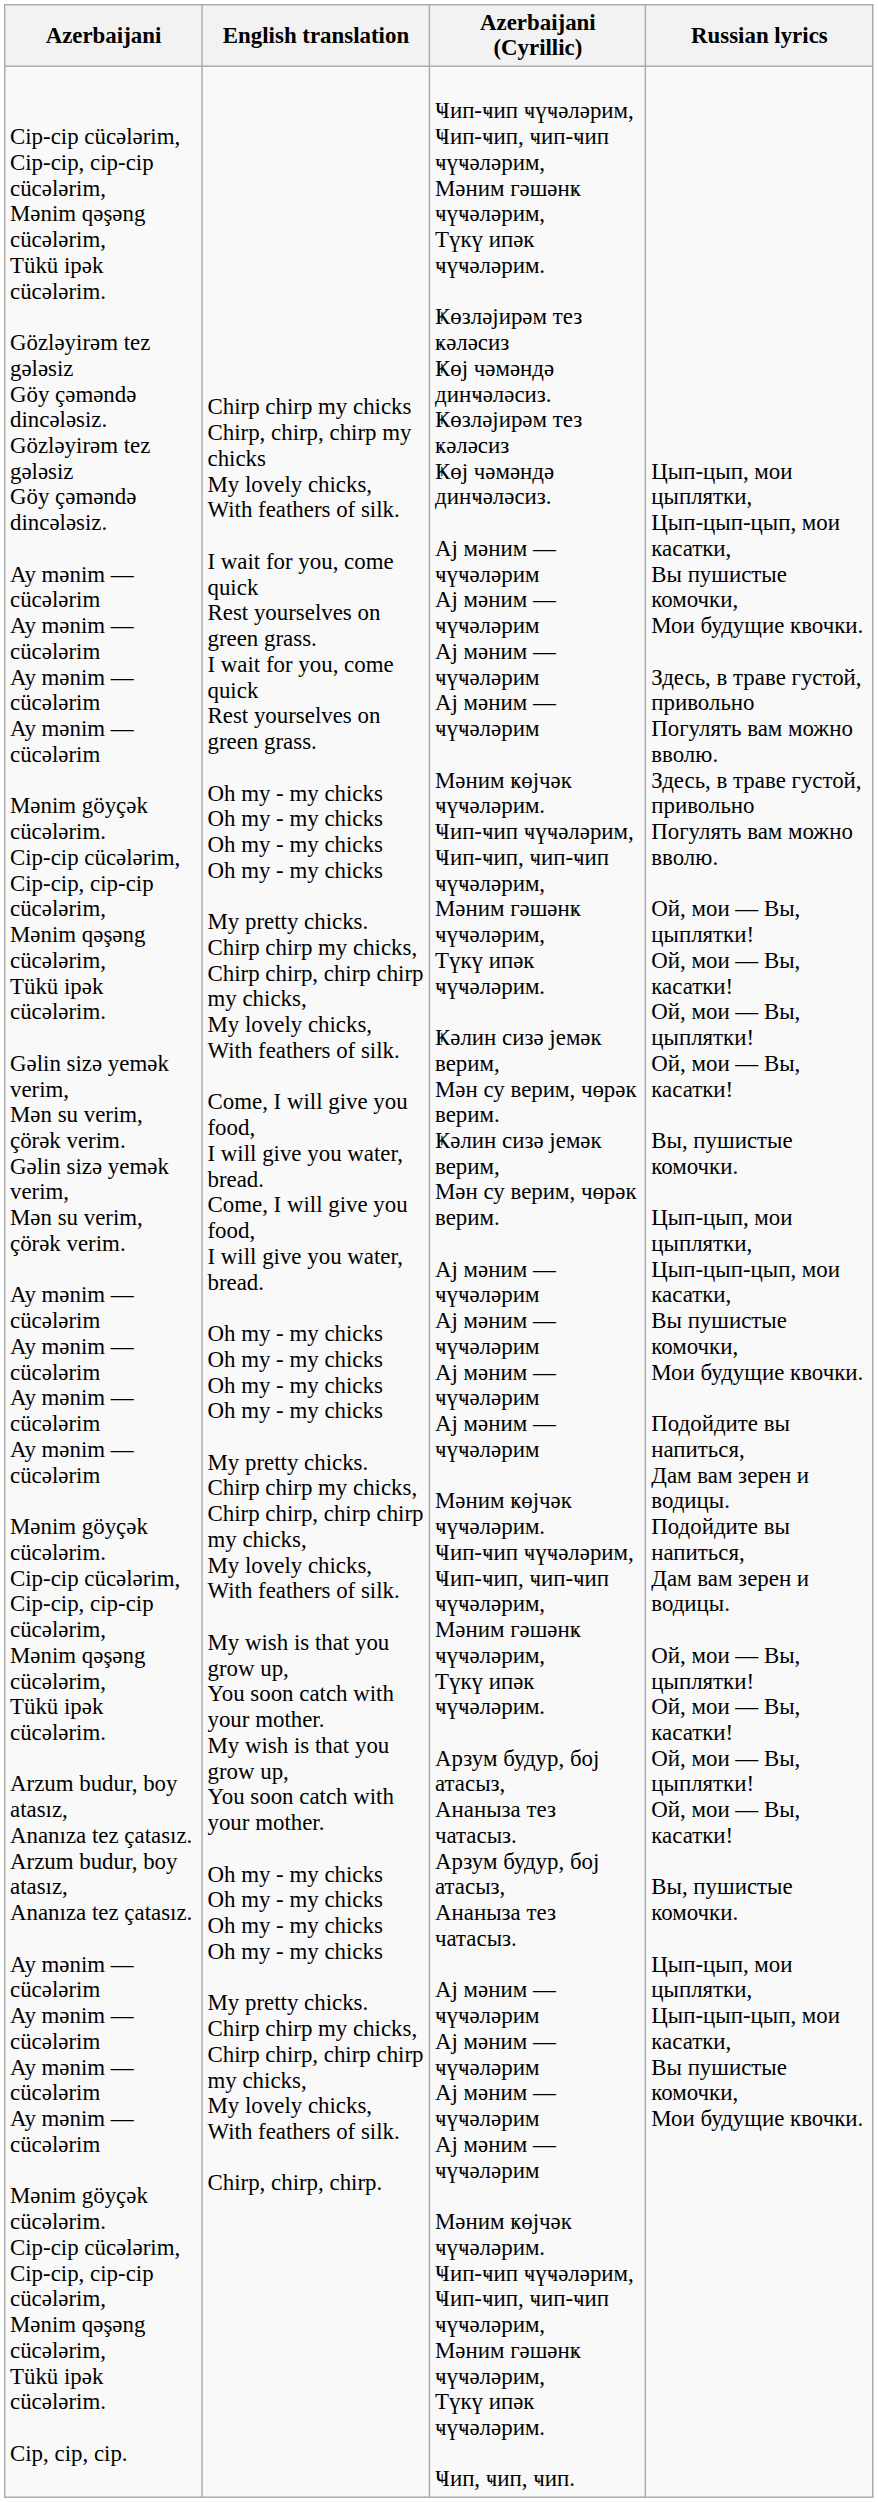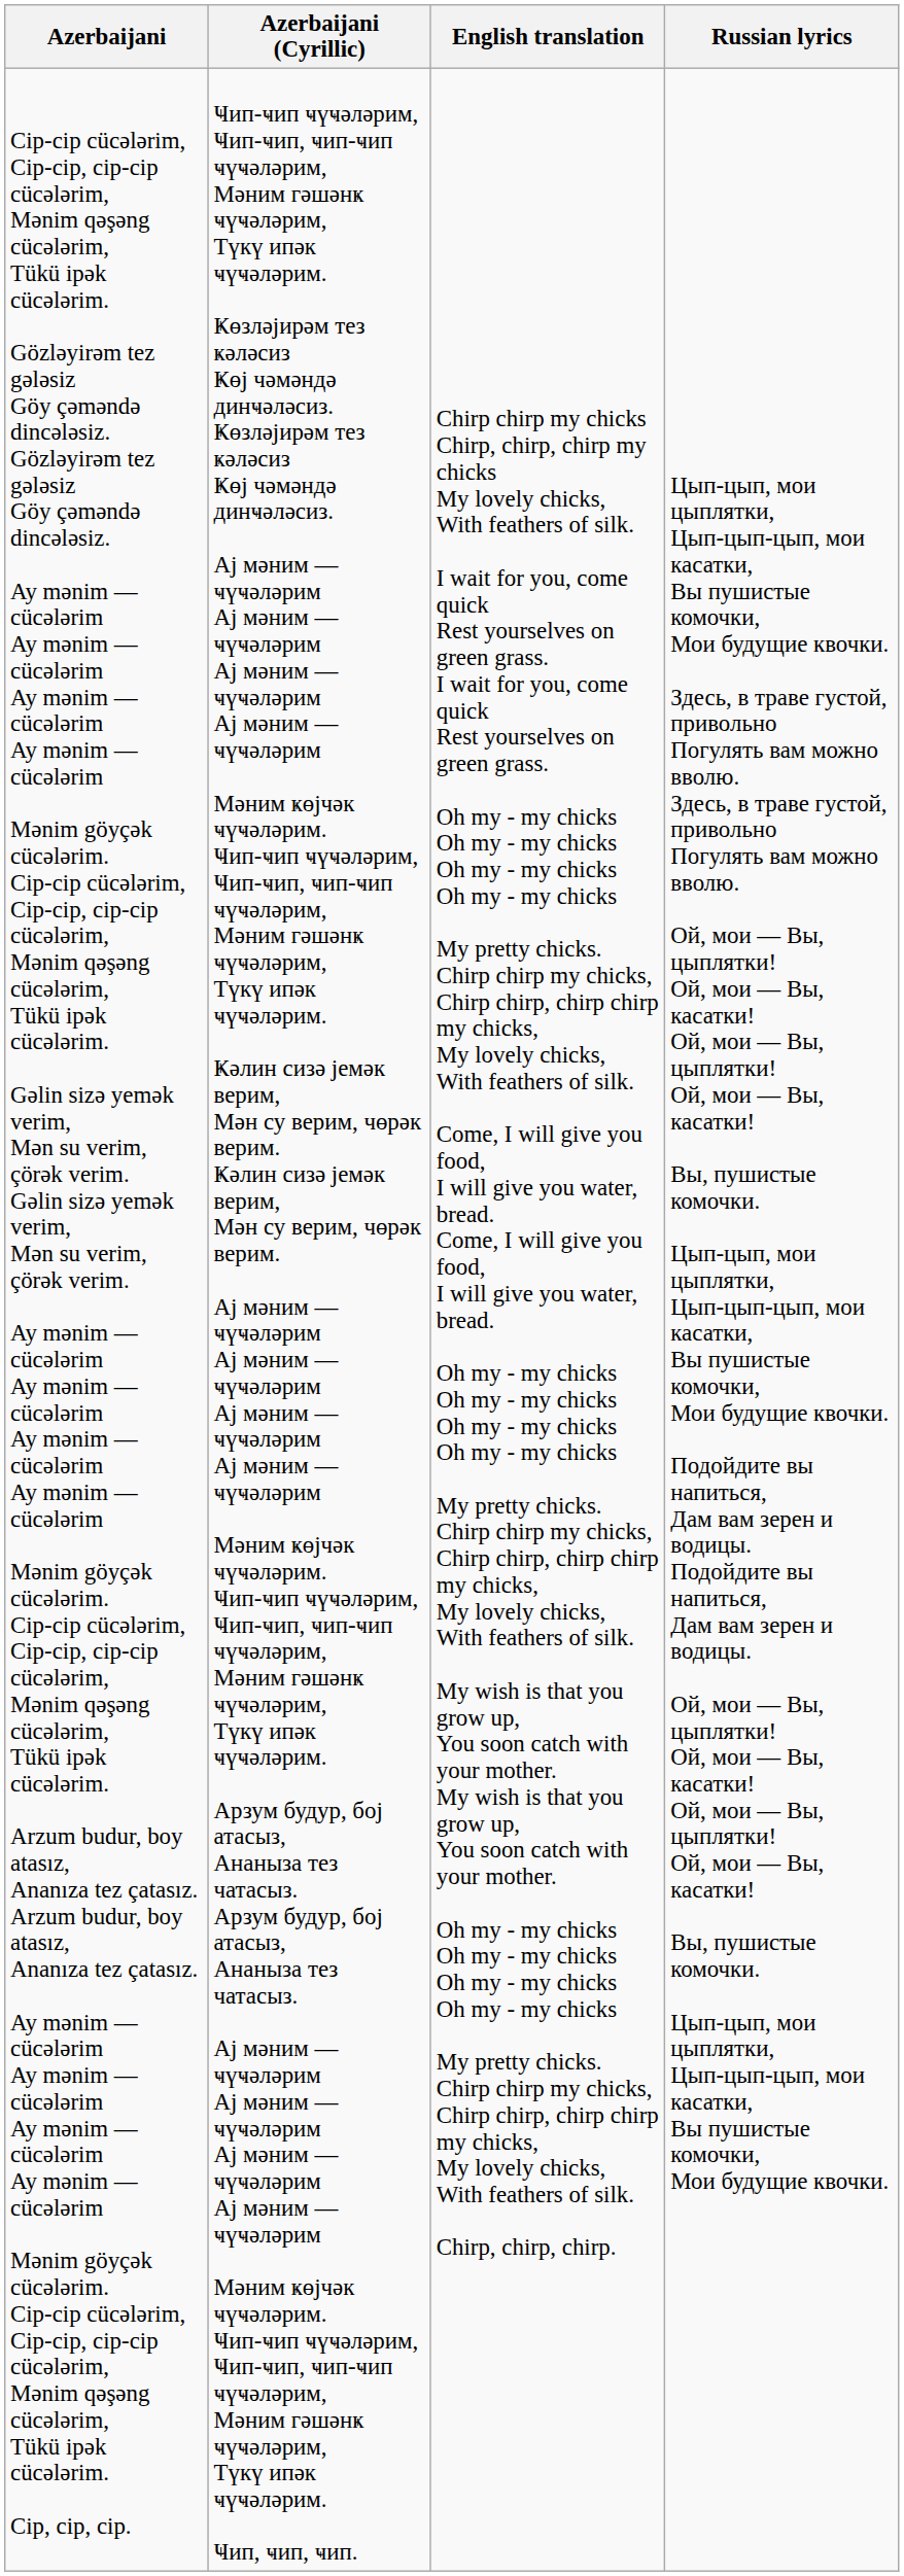 <table class="wikitable">
 <tr>
 <th>Azerbaijani</th>
+<th>Azerbaijani (Cyrillic)</th>
 <th>English translation</th>
-<th>Azerbaijani (Cyrillic)</th>
 <th>Russian lyrics</th>
 </tr>
 <tr>
 <td><br>Cip-cip cücələrim,<br> Cip-cip, cip-cip cücələrim,<br> Mənim qəşəng cücələrim,<br> Tükü ipək cücələrim.<br> <br> Gözləyirəm tez gələsiz<br> Göy çəməndə dincələsiz.<br> Gözləyirəm tez gələsiz<br> Göy çəməndə dincələsiz.<br> <br> Ay mənim — cücələrim<br> Ay mənim — cücələrim<br> Ay mənim — cücələrim<br> Ay mənim — cücələrim<br> <br> Mənim göyçək cücələrim.<br>  Cip-cip cücələrim,<br> Cip-cip, cip-cip cücələrim,<br> Mənim qəşəng cücələrim,<br> Tükü ipək cücələrim.<br> <br> Gəlin sizə yemək verim,<br> Mən su verim, çörək verim.<br> Gəlin sizə yemək verim,<br> Mən su verim, çörək verim.<br> <br> Ay mənim — cücələrim<br> Ay mənim — cücələrim<br> Ay mənim — cücələrim<br> Ay mənim — cücələrim<br> <br> Mənim göyçək cücələrim.<br>  Cip-cip cücələrim,<br> Cip-cip, cip-cip cücələrim,<br> Mənim qəşəng cücələrim,<br> Tükü ipək cücələrim.<br> <br> Arzum budur, boy atasız,<br> Ananıza tez çatasız.<br> Arzum budur, boy atasız,<br> Ananıza tez çatasız.<br> <br> Ay mənim — cücələrim<br> Ay mənim — cücələrim<br> Ay mənim — cücələrim<br> Ay mənim — cücələrim<br> <br> Mənim göyçək cücələrim.<br>  Cip-cip cücələrim,<br> Cip-cip, cip-cip cücələrim,<br> Mənim qəşəng cücələrim,<br> Tükü ipək cücələrim.<br> <br> Cip, cip, cip.<br></td>
+<td><br>Ҹип-ҹип ҹүҹәләрим,<br> Ҹип-ҹип, ҹип-ҹип ҹүҹәләрим,<br> Мәним гәшәнҝ ҹүҹәләрим,<br> Түкү ипәк ҹүҹәләрим.<br> <br> Ҝөзләјирәм тез ҝәләсиз<br> Ҝөј чәмәндә динҹәләсиз.<br> Ҝөзләјирәм тез ҝәләсиз<br> Ҝөј чәмәндә динҹәләсиз.<br> <br> Ај мәним — ҹүҹәләрим<br> Ај мәним — ҹүҹәләрим<br> Ај мәним — ҹүҹәләрим<br> Ај мәним — ҹүҹәләрим<br> <br> Мәним ҝөјчәк ҹүҹәләрим.<br>  Ҹип-ҹип ҹүҹәләрим,<br> Ҹип-ҹип, ҹип-ҹип ҹүҹәләрим,<br> Мәним гәшәнҝ ҹүҹәләрим,<br> Түкү ипәк ҹүҹәләрим.<br> <br> Ҝәлин сизә јемәк верим,<br> Мән су верим, чөрәк верим.<br> Ҝәлин сизә јемәк верим,<br> Мән су верим, чөрәк верим.<br> <br> Ај мәним — ҹүҹәләрим<br> Ај мәним — ҹүҹәләрим<br> Ај мәним — ҹүҹәләрим<br> Ај мәним — ҹүҹәләрим<br> <br> Мәним ҝөјчәк ҹүҹәләрим.<br>  Ҹип-ҹип ҹүҹәләрим,<br> Ҹип-ҹип, ҹип-ҹип ҹүҹәләрим,<br> Мәним гәшәнҝ ҹүҹәләрим,<br> Түкү ипәк ҹүҹәләрим.<br> <br> Арзум будур, бој атасыз,<br> Ананыза тез чатасыз.<br> Арзум будур, бој атасыз,<br> Ананыза тез чатасыз.<br> <br> Ај мәним — ҹүҹәләрим<br> Ај мәним — ҹүҹәләрим<br> Ај мәним — ҹүҹәләрим<br> Ај мәним — ҹүҹәләрим<br> <br> Мәним ҝөјчәк ҹүҹәләрим.<br>  Ҹип-ҹип ҹүҹәләрим,<br> Ҹип-ҹип, ҹип-ҹип ҹүҹәләрим,<br> Мәним гәшәнҝ ҹүҹәләрим,<br> Түкү ипәк ҹүҹәләрим.<br> <br> Ҹип, ҹип, ҹип.<br></td>
 <td><br>Chirp chirp my chicks<br> Chirp, chirp, chirp my chicks<br> My lovely chicks,<br> With feathers of silk.<br> <br> I wait for you, come quick<br> Rest yourselves on green grass.<br> I wait for you, come quick<br> Rest yourselves on green grass.<br> <br> Oh my - my chicks<br> Oh my - my chicks<br> Oh my - my chicks<br> Oh my - my chicks<br> <br> My pretty chicks.<br>  Chirp chirp my chicks,<br> Chirp chirp, chirp chirp my chicks,<br> My lovely chicks,<br> With feathers of silk.<br> <br> Come, I will give you food,<br> I will give you water, bread.<br> Come, I will give you food,<br> I will give you water, bread.<br> <br> Oh my - my chicks<br> Oh my - my chicks<br> Oh my - my chicks<br> Oh my - my chicks<br> <br> My pretty chicks.<br>  Chirp chirp my chicks,<br> Chirp chirp, chirp chirp my chicks,<br> My lovely chicks,<br> With feathers of silk.<br> <br> My wish is that you grow up,<br> You soon catch with your mother.<br> My wish is that you grow up,<br> You soon catch with your mother.<br> <br> Oh my - my chicks<br> Oh my - my chicks<br> Oh my - my chicks<br> Oh my - my chicks<br> <br> My pretty chicks.<br>  Chirp chirp my chicks,<br> Chirp chirp, chirp chirp my chicks,<br> My lovely chicks,<br> With feathers of silk.<br> <br> Chirp, chirp, chirp.<br></td>
-<td><br>Ҹип-ҹип ҹүҹәләрим,<br> Ҹип-ҹип, ҹип-ҹип ҹүҹәләрим,<br> Мәним гәшәнҝ ҹүҹәләрим,<br> Түкү ипәк ҹүҹәләрим.<br> <br> Ҝөзләјирәм тез ҝәләсиз<br> Ҝөј чәмәндә динҹәләсиз.<br> Ҝөзләјирәм тез ҝәләсиз<br> Ҝөј чәмәндә динҹәләсиз.<br> <br> Ај мәним — ҹүҹәләрим<br> Ај мәним — ҹүҹәләрим<br> Ај мәним — ҹүҹәләрим<br> Ај мәним — ҹүҹәләрим<br> <br> Мәним ҝөјчәк ҹүҹәләрим.<br>  Ҹип-ҹип ҹүҹәләрим,<br> Ҹип-ҹип, ҹип-ҹип ҹүҹәләрим,<br> Мәним гәшәнҝ ҹүҹәләрим,<br> Түкү ипәк ҹүҹәләрим.<br> <br> Ҝәлин сизә јемәк верим,<br> Мән су верим, чөрәк верим.<br> Ҝәлин сизә јемәк верим,<br> Мән су верим, чөрәк верим.<br> <br> Ај мәним — ҹүҹәләрим<br> Ај мәним — ҹүҹәләрим<br> Ај мәним — ҹүҹәләрим<br> Ај мәним — ҹүҹәләрим<br> <br> Мәним ҝөјчәк ҹүҹәләрим.<br>  Ҹип-ҹип ҹүҹәләрим,<br> Ҹип-ҹип, ҹип-ҹип ҹүҹәләрим,<br> Мәним гәшәнҝ ҹүҹәләрим,<br> Түкү ипәк ҹүҹәләрим.<br> <br> Арзум будур, бој атасыз,<br> Ананыза тез чатасыз.<br> Арзум будур, бој атасыз,<br> Ананыза тез чатасыз.<br> <br> Ај мәним — ҹүҹәләрим<br> Ај мәним — ҹүҹәләрим<br> Ај мәним — ҹүҹәләрим<br> Ај мәним — ҹүҹәләрим<br> <br> Мәним ҝөјчәк ҹүҹәләрим.<br>  Ҹип-ҹип ҹүҹәләрим,<br> Ҹип-ҹип, ҹип-ҹип ҹүҹәләрим,<br> Мәним гәшәнҝ ҹүҹәләрим,<br> Түкү ипәк ҹүҹәләрим.<br> <br> Ҹип, ҹип, ҹип.<br></td>
 <td><br>Цып-цып, мои цыплятки, <br> Цып-цып-цып, мои касатки, <br> Вы пушистые комочки, <br> Мои будущие квочки. <br> <br> Здесь, в траве густой, привольно <br> Погулять вам можно вволю. <br> Здесь, в траве густой, привольно <br> Погулять вам можно вволю. <br> <br> Ой, мои — Вы, цыплятки! <br> Ой, мои — Вы, касатки! <br> Ой, мои — Вы, цыплятки! <br> Ой, мои — Вы, касатки! <br> <br> Вы, пушистые комочки. <br> <br> Цып-цып, мои цыплятки, <br> Цып-цып-цып, мои касатки, <br> Вы пушистые комочки, <br> Мои будущие квочки. <br> <br> Подойдите вы напиться,<br>  Дам вам зерен и водицы. <br> Подойдите вы напиться,<br>  Дам вам зерен и водицы. <br> <br> Ой, мои — Вы, цыплятки! <br> Ой, мои — Вы, касатки! <br> Ой, мои — Вы, цыплятки! <br> Ой, мои — Вы, касатки! <br> <br> Вы, пушистые комочки. <br> <br> Цып-цып, мои цыплятки, <br> Цып-цып-цып, мои касатки, <br> Вы пушистые комочки, <br> Мои будущие квочки. <br></td>
 </tr>
 </table>
